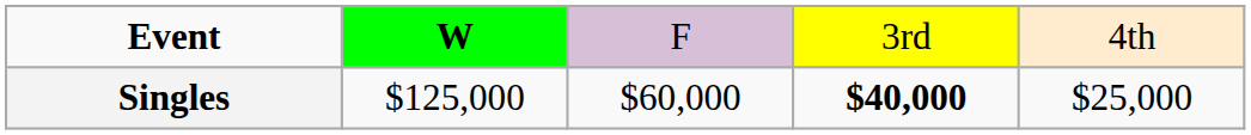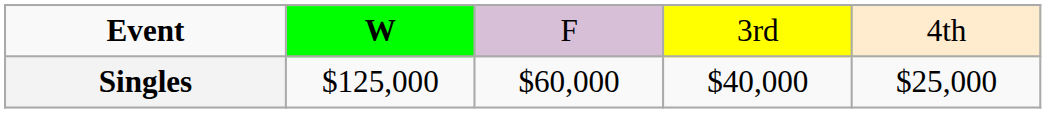 <table class=wikitable style=font-size:95%;text-align:center>
 <tr>
 <td style="width:130px"><strong>Event</strong></td>
 <td style="width:85px; background:lime"><strong>W</strong></td>
 <td style="width:85px; background:thistle">F</td>
 <td style="width:85px; background:#ffff00">3rd</td>
 <td style="width:85px; background:#ffebcd">4th</td>
 </tr>
 <tr>
 <th style=background:#f3f3f3>Singles </th>
 <td>$125,000</td>
 <td>$60,000</td>
-<td><strong>$40,000</strong></td>
+<td>$40,000</td>
 <td>$25,000</td>
 </tr>
 </table>
